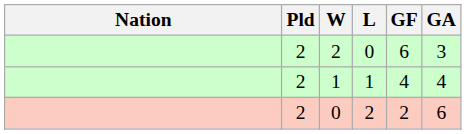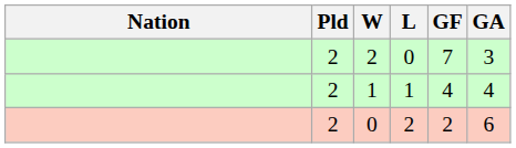 <table class=wikitable style="text-align:center">
 <tr>
 <th width=220>Nation</th>
 <th width=20>Pld</th>
 <th width=20>W</th>
 <th width=20>L</th>
 <th width=20>GF</th>
 <th width=20>GA</th>
 </tr>
 <tr bgcolor="#ccffcc">
 <td align=left></td>
 <td>2</td>
 <td>2</td>
 <td>0</td>
-<td>6</td>
+<td>7</td>
 <td>3</td>
 </tr>
 <tr bgcolor="#ccffcc">
 <td align=left></td>
 <td>2</td>
 <td>1</td>
 <td>1</td>
 <td>4</td>
 <td>4</td>
 </tr>
 <tr bgcolor="#fcccc">
 <td align=left></td>
 <td>2</td>
 <td>0</td>
 <td>2</td>
 <td>2</td>
 <td>6</td>
 </tr>
 </table>
